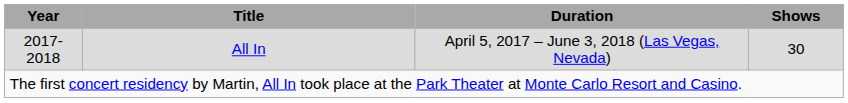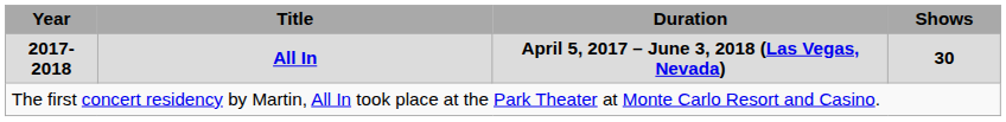 <table class="wikitable" style="width:100%;">
 <tr>
 <th style="width:20px; background:darkGrey;">Year</th>
 <th style="width:200px; background:darkGrey;">Title</th>
 <th style="width:200px; background:darkGrey;">Duration</th>
 <th style="width:20px; background:darkGrey;">Shows</th>
 </tr>
 <tr style="text-align:center; background:#dcdcdc;">
-<td>2017-2018</td>
-<td style="background:#dcdcdc; text-align:center;"><a href='#'>All In</a></td>
-<td style="background:#dcdcdc; text-align:center;">April 5, 2017 – June 3, 2018 (<a href='#'>Las Vegas, Nevada</a>)</td>
-<td style="background:#dcdcdc; text-align:center;">30</td>
+<td><strong>2017-2018</strong></td>
+<td style="background:#dcdcdc; text-align:center;"><strong><a href='#'>All In</a></strong></td>
+<td style="background:#dcdcdc; text-align:center;"><strong>April 5, 2017 – June 3, 2018 (<a href='#'>Las Vegas, Nevada</a>)</strong></td>
+<td style="background:#dcdcdc; text-align:center;"><strong>30</strong></td>
 </tr>
 <tr>
 <td colspan="14" style="border-bottom-width:1px; padding:5px;">The first <a href='#'>concert residency</a> by Martin, <a href='#'>All In</a> took place at the <a href='#'>Park Theater</a> at <a href='#'>Monte Carlo Resort and Casino</a>.</td>
 </tr>
 </table>
